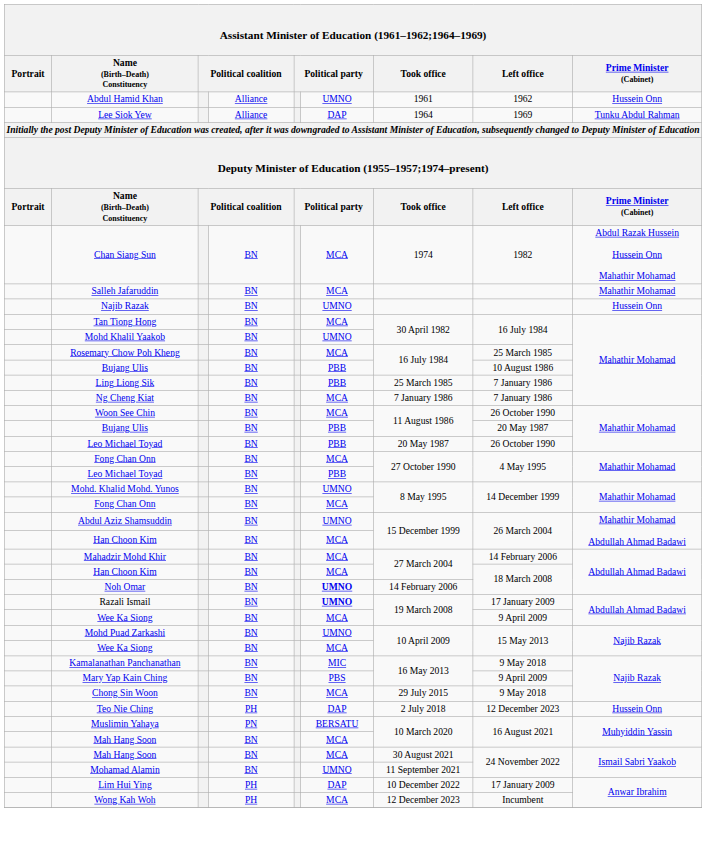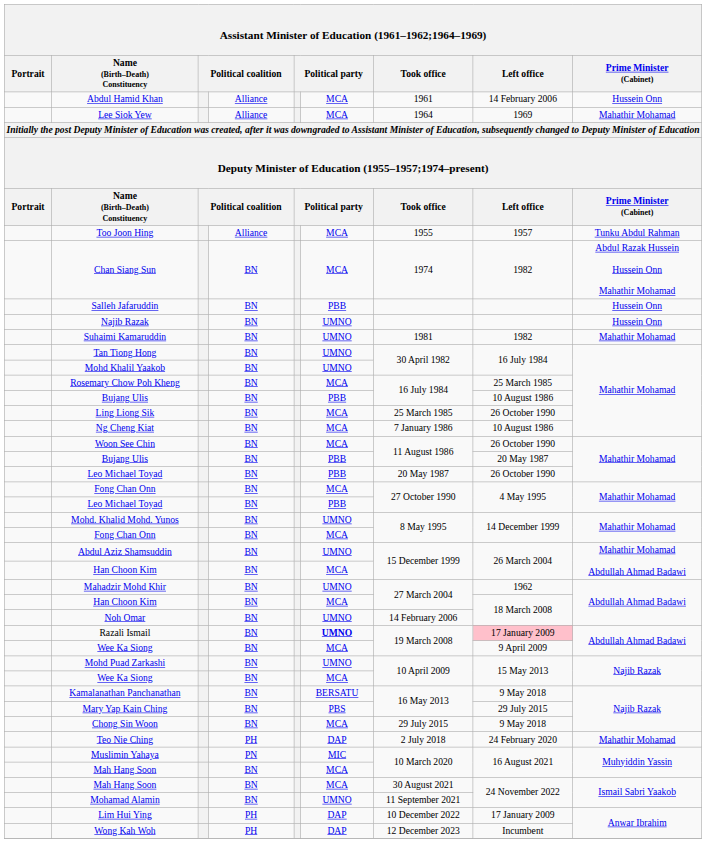 <table class="wikitable" style="text-align:center;">
 <tr>
 <th colspan="9"><br><h3>Assistant Minister of Education (1961–1962;1964–1969)</h3></th>
 </tr>
 <tr>
 <th>Portrait</th>
 <th>Name<br><small>(Birth–Death)<br>Constituency</small></th>
 <th colspan="2">Political coalition</th>
 <th colspan="2">Political party</th>
 <th>Took office</th>
 <th>Left office</th>
 <th><a href='#'>Prime Minister</a><br><small>(Cabinet)</small></th>
 </tr>
 <tr>
 <td></td>
 <td><a href='#'>Abdul Hamid Khan</a><br></td>
 <th style="background:"></th>
 <td><a href='#'>Alliance</a></td>
 <th style="background:"></th>
-<td><a href='#'>UMNO</a></td>
+<td><a href='#'>MCA</a></td>
 <td>1961</td>
-<td>1962</td>
+<td>14 February 2006</td>
 <td><a href='#'>Hussein Onn</a><br></td>
 </tr>
 <tr>
 <td></td>
 <td><a href='#'>Lee Siok Yew</a><br></td>
 <th style="background:"></th>
 <td><a href='#'>Alliance</a></td>
 <th style="background:"></th>
-<td><a href='#'>DAP</a></td>
+<td><a href='#'>MCA</a></td>
 <td>1964</td>
 <td>1969</td>
-<td><a href='#'>Tunku Abdul Rahman</a><br></td>
+<td><a href='#'>Mahathir Mohamad</a><br></td>
 </tr>
 <tr>
 <th colspan="9"><em>Initially the post Deputy Minister of Education was created, after it was downgraded to Assistant Minister of Education, subsequently changed to Deputy Minister of Education</em></th>
 </tr>
 <tr>
 <th colspan="9"><br><h3>Deputy Minister of Education (1955–1957;1974–present)</h3></th>
 </tr>
 <tr>
 <th>Portrait</th>
 <th>Name<br><small>(Birth–Death)<br>Constituency</small></th>
 <th colspan="2">Political coalition</th>
 <th colspan="2">Political party</th>
 <th>Took office</th>
 <th>Left office</th>
 <th><a href='#'>Prime Minister</a><br><small>(Cabinet)</small></th>
 </tr>
 <tr>
 <td></td>
+<td><a href='#'>Too Joon Hing</a><br></td>
+<th style="background:"></th>
+<td><a href='#'>Alliance</a></td>
+<th style="background:"></th>
+<td><a href='#'>MCA</a></td>
+<td>1955</td>
+<td>1957</td>
+<td><a href='#'>Tunku Abdul Rahman</a><br></td>
+</tr>
+<tr>
+<td></td>
 <td><a href='#'>Chan Siang Sun</a><br></td>
 <th style="background:"></th>
 <td><a href='#'>BN</a></td>
 <th style="background:"></th>
 <td><a href='#'>MCA</a></td>
 <td>1974</td>
 <td>1982</td>
 <td><a href='#'>Abdul Razak Hussein</a><br><br><a href='#'>Hussein Onn</a><br><br><a href='#'>Mahathir Mohamad</a><br></td>
 </tr>
 <tr>
 <td></td>
 <td><a href='#'>Salleh Jafaruddin</a><br></td>
 <th style="background:"></th>
 <td><a href='#'>BN</a></td>
 <th style="background:"></th>
-<td><a href='#'>MCA</a></td>
+<td><a href='#'>PBB</a></td>
 <td></td>
 <td></td>
-<td><a href='#'>Mahathir Mohamad</a><br></td>
+<td><a href='#'>Hussein Onn</a><br></td>
 </tr>
 <tr>
 <td></td>
 <td><a href='#'>Najib Razak</a><br></td>
 <th style="background:"></th>
 <td><a href='#'>BN</a></td>
 <th style="background:"></th>
 <td><a href='#'>UMNO</a></td>
 <td></td>
 <td></td>
 <td><a href='#'>Hussein Onn</a><br></td>
 </tr>
 <tr>
 <td></td>
+<td><a href='#'>Suhaimi Kamaruddin</a><br></td>
+<th style="background:"></th>
+<td><a href='#'>BN</a></td>
+<th style="background:"></th>
+<td><a href='#'>UMNO</a></td>
+<td>1981</td>
+<td>1982</td>
+<td><a href='#'>Mahathir Mohamad</a><br></td>
+</tr>
+<tr>
+<td></td>
 <td><a href='#'>Tan Tiong Hong</a><br></td>
 <th style="background:"></th>
 <td><a href='#'>BN</a></td>
 <th style="background:"></th>
-<td><a href='#'>MCA</a></td>
+<td><a href='#'>UMNO</a></td>
 <td rowspan=2>30 April 1982</td>
 <td rowspan=2>16 July 1984</td>
 <td rowspan=6><a href='#'>Mahathir Mohamad</a><br></td>
 </tr>
 <tr>
 <td></td>
 <td><a href='#'>Mohd Khalil Yaakob</a><br></td>
 <th style="background:"></th>
 <td><a href='#'>BN</a></td>
 <th style="background:"></th>
 <td><a href='#'>UMNO</a></td>
 </tr>
 <tr>
 <td></td>
 <td><a href='#'>Rosemary Chow Poh Kheng</a><br></td>
 <th style="background:"></th>
 <td><a href='#'>BN</a></td>
 <th style="background:"></th>
 <td><a href='#'>MCA</a></td>
 <td rowspan=2>16 July 1984</td>
 <td>25 March 1985</td>
 </tr>
 <tr>
 <td></td>
 <td><a href='#'>Bujang Ulis</a><br></td>
 <th style="background:"></th>
 <td><a href='#'>BN</a></td>
 <th style="background:"></th>
 <td><a href='#'>PBB</a></td>
 <td>10 August 1986</td>
 </tr>
 <tr>
 <td></td>
 <td><a href='#'>Ling Liong Sik</a><br></td>
 <th style="background:"></th>
 <td><a href='#'>BN</a></td>
 <th style="background:"></th>
-<td><a href='#'>PBB</a></td>
+<td><a href='#'>MCA</a></td>
 <td>25 March 1985</td>
-<td>7 January 1986</td>
+<td>26 October 1990</td>
 </tr>
 <tr>
 <td></td>
 <td><a href='#'>Ng Cheng Kiat</a><br></td>
 <th style="background:"></th>
 <td><a href='#'>BN</a></td>
 <th style="background:"></th>
 <td><a href='#'>MCA</a></td>
 <td>7 January 1986</td>
-<td>7 January 1986</td>
+<td>10 August 1986</td>
 </tr>
 <tr>
 <td></td>
 <td><a href='#'>Woon See Chin</a><br></td>
 <th style="background:"></th>
 <td><a href='#'>BN</a></td>
 <th style="background:"></th>
 <td><a href='#'>MCA</a></td>
 <td rowspan=2>11 August 1986</td>
 <td>26 October 1990</td>
 <td rowspan=3><a href='#'>Mahathir Mohamad</a><br></td>
 </tr>
 <tr>
 <td></td>
 <td><a href='#'>Bujang Ulis</a><br></td>
 <th style="background:"></th>
 <td><a href='#'>BN</a></td>
 <th style="background:"></th>
 <td><a href='#'>PBB</a></td>
 <td>20 May 1987</td>
 </tr>
 <tr>
 <td></td>
 <td><a href='#'>Leo Michael Toyad</a><br></td>
 <th style="background:"></th>
 <td><a href='#'>BN</a></td>
 <th style="background:"></th>
 <td><a href='#'>PBB</a></td>
 <td>20 May 1987</td>
 <td>26 October 1990</td>
 </tr>
 <tr>
 <td></td>
 <td><a href='#'>Fong Chan Onn</a><br></td>
 <th style="background:"></th>
 <td><a href='#'>BN</a></td>
 <th style="background:"></th>
 <td><a href='#'>MCA</a></td>
 <td rowspan=2>27 October 1990</td>
 <td rowspan=2>4 May 1995</td>
 <td rowspan=2><a href='#'>Mahathir Mohamad</a><br></td>
 </tr>
 <tr>
 <td></td>
 <td><a href='#'>Leo Michael Toyad</a><br></td>
 <th style="background:"></th>
 <td><a href='#'>BN</a></td>
 <th style="background:"></th>
 <td><a href='#'>PBB</a></td>
 </tr>
 <tr>
 <td></td>
 <td><a href='#'>Mohd. Khalid Mohd. Yunos</a><br></td>
 <th style="background:"></th>
 <td><a href='#'>BN</a></td>
 <th style="background:"></th>
 <td><a href='#'>UMNO</a></td>
 <td rowspan=2>8 May 1995</td>
 <td rowspan=2>14 December 1999</td>
 <td rowspan=2><a href='#'>Mahathir Mohamad</a><br></td>
 </tr>
 <tr>
 <td></td>
 <td><a href='#'>Fong Chan Onn</a><br></td>
 <th style="background:"></th>
 <td><a href='#'>BN</a></td>
 <th style="background:"></th>
 <td><a href='#'>MCA</a></td>
 </tr>
 <tr>
 <td></td>
 <td><a href='#'>Abdul Aziz Shamsuddin</a><br></td>
 <th style="background:"></th>
 <td><a href='#'>BN</a></td>
 <th style="background:"></th>
 <td><a href='#'>UMNO</a></td>
 <td rowspan=2>15 December 1999</td>
 <td rowspan=2>26 March 2004</td>
 <td rowspan=2><a href='#'>Mahathir Mohamad</a><br><br><a href='#'>Abdullah Ahmad Badawi</a><br></td>
 </tr>
 <tr>
 <td></td>
 <td><a href='#'>Han Choon Kim</a><br></td>
 <th style="background:"></th>
 <td><a href='#'>BN</a></td>
 <th style="background:"></th>
 <td><a href='#'>MCA</a></td>
 </tr>
 <tr>
 <td></td>
 <td><a href='#'>Mahadzir Mohd Khir</a><br></td>
 <th style="background:"></th>
 <td><a href='#'>BN</a></td>
 <th style="background:"></th>
-<td><a href='#'>MCA</a></td>
+<td><a href='#'>UMNO</a></td>
 <td rowspan=2>27 March 2004</td>
-<td>14 February 2006</td>
+<td>1962</td>
 <td rowspan=3><a href='#'>Abdullah Ahmad Badawi</a><br></td>
 </tr>
 <tr>
 <td></td>
 <td><a href='#'>Han Choon Kim</a><br></td>
 <th style="background:"></th>
 <td><a href='#'>BN</a></td>
 <th style="background:"></th>
 <td><a href='#'>MCA</a></td>
 <td rowspan=2>18 March 2008</td>
 </tr>
 <tr>
 <td></td>
 <td><a href='#'>Noh Omar</a><br></td>
 <th style="background:"></th>
 <td><a href='#'>BN</a></td>
 <th style="background:"></th>
-<td><strong><a href='#'>UMNO</a></strong></td>
+<td><a href='#'>UMNO</a></td>
 <td>14 February 2006</td>
 </tr>
 <tr>
 <td></td>
 <td>Razali Ismail<br></td>
 <th style="background:"></th>
 <td><a href='#'>BN</a></td>
 <th style="background:"></th>
 <td><strong><a href='#'>UMNO</a></strong></td>
 <td rowspan=2>19 March 2008</td>
-<td>17 January 2009</td>
+<td style="background: pink;">17 January 2009</td>
 <td rowspan=2><a href='#'>Abdullah Ahmad Badawi</a><br></td>
 </tr>
 <tr>
 <td></td>
 <td><a href='#'>Wee Ka Siong</a><br></td>
 <th style="background:"></th>
 <td><a href='#'>BN</a></td>
 <th style="background:"></th>
 <td><a href='#'>MCA</a></td>
 <td>9 April 2009</td>
 </tr>
 <tr>
 <td></td>
 <td><a href='#'>Mohd Puad Zarkashi</a><br></td>
 <th style="background:"></th>
 <td><a href='#'>BN</a></td>
 <th style="background:"></th>
 <td><a href='#'>UMNO</a></td>
 <td rowspan=2>10 April 2009</td>
 <td rowspan=2>15 May 2013</td>
 <td rowspan=2><a href='#'>Najib Razak</a><br></td>
 </tr>
 <tr>
 <td></td>
 <td><a href='#'>Wee Ka Siong</a><br></td>
 <th style="background:"></th>
 <td><a href='#'>BN</a></td>
 <th style="background:"></th>
 <td><a href='#'>MCA</a></td>
 </tr>
 <tr>
 <td></td>
 <td><a href='#'>Kamalanathan Panchanathan</a><br></td>
 <th style="background:"></th>
 <td><a href='#'>BN</a></td>
 <th style="background:"></th>
-<td><a href='#'>MIC</a></td>
+<td><a href='#'>BERSATU</a></td>
 <td rowspan=2>16 May 2013</td>
 <td>9 May 2018</td>
 <td rowspan=3><a href='#'>Najib Razak</a><br></td>
 </tr>
 <tr>
 <td></td>
 <td><a href='#'>Mary Yap Kain Ching</a><br></td>
 <th style="background:"></th>
 <td><a href='#'>BN</a></td>
 <th style="background:"></th>
 <td><a href='#'>PBS</a></td>
-<td>9 April 2009</td>
+<td>29 July 2015</td>
 </tr>
 <tr>
 <td></td>
 <td><a href='#'>Chong Sin Woon</a><br></td>
 <th style="background:"></th>
 <td><a href='#'>BN</a></td>
 <th style="background:"></th>
 <td><a href='#'>MCA</a></td>
 <td>29 July 2015</td>
 <td>9 May 2018</td>
 </tr>
 <tr>
 <td></td>
 <td><a href='#'>Teo Nie Ching</a><br></td>
 <th style="background:"></th>
 <td><a href='#'>PH</a></td>
 <th style="background:"></th>
 <td><a href='#'>DAP</a></td>
 <td>2 July 2018</td>
-<td>12 December 2023</td>
-<td><a href='#'>Hussein Onn</a><br></td>
+<td>24 February 2020</td>
+<td><a href='#'>Mahathir Mohamad</a><br></td>
 </tr>
 <tr>
 <td></td>
 <td><a href='#'>Muslimin Yahaya</a><br></td>
 <th style="background:"></th>
 <td><a href='#'>PN</a></td>
 <th style="background:"></th>
-<td><a href='#'>BERSATU</a></td>
+<td><a href='#'>MIC</a></td>
 <td rowspan=2>10 March 2020</td>
 <td rowspan=2>16 August 2021</td>
 <td rowspan=2><a href='#'>Muhyiddin Yassin</a><br></td>
 </tr>
 <tr>
 <td></td>
 <td><a href='#'>Mah Hang Soon</a><br></td>
 <th style="background:"></th>
 <td><a href='#'>BN</a></td>
 <th style="background:"></th>
 <td><a href='#'>MCA</a></td>
 </tr>
 <tr>
 <td></td>
 <td><a href='#'>Mah Hang Soon</a><br></td>
 <th style="background:"></th>
 <td><a href='#'>BN</a></td>
 <th style="background:"></th>
 <td><a href='#'>MCA</a></td>
 <td>30 August 2021</td>
 <td rowspan=2>24 November 2022</td>
 <td rowspan=2><a href='#'>Ismail Sabri Yaakob</a><br></td>
 </tr>
 <tr>
 <td></td>
 <td><a href='#'>Mohamad Alamin</a><br></td>
 <th style="background:"></th>
 <td><a href='#'>BN</a></td>
 <th style="background:"></th>
 <td><a href='#'>UMNO</a></td>
 <td>11 September 2021</td>
 </tr>
 <tr>
 <td></td>
 <td><a href='#'>Lim Hui Ying</a><br></td>
 <th style="background:"></th>
 <td><a href='#'>PH</a></td>
 <th style="background:"></th>
 <td><a href='#'>DAP</a></td>
 <td>10 December 2022</td>
 <td>17 January 2009</td>
 <td rowspan=2><a href='#'>Anwar Ibrahim</a><br></td>
 </tr>
 <tr>
 <td></td>
 <td><a href='#'>Wong Kah Woh</a><br></td>
 <th style="background:"></th>
 <td><a href='#'>PH</a></td>
 <th style="background:"></th>
-<td><a href='#'>MCA</a></td>
+<td><a href='#'>DAP</a></td>
 <td>12 December 2023</td>
 <td>Incumbent</td>
 </tr>
 <tr>
 </tr>
 </table>
